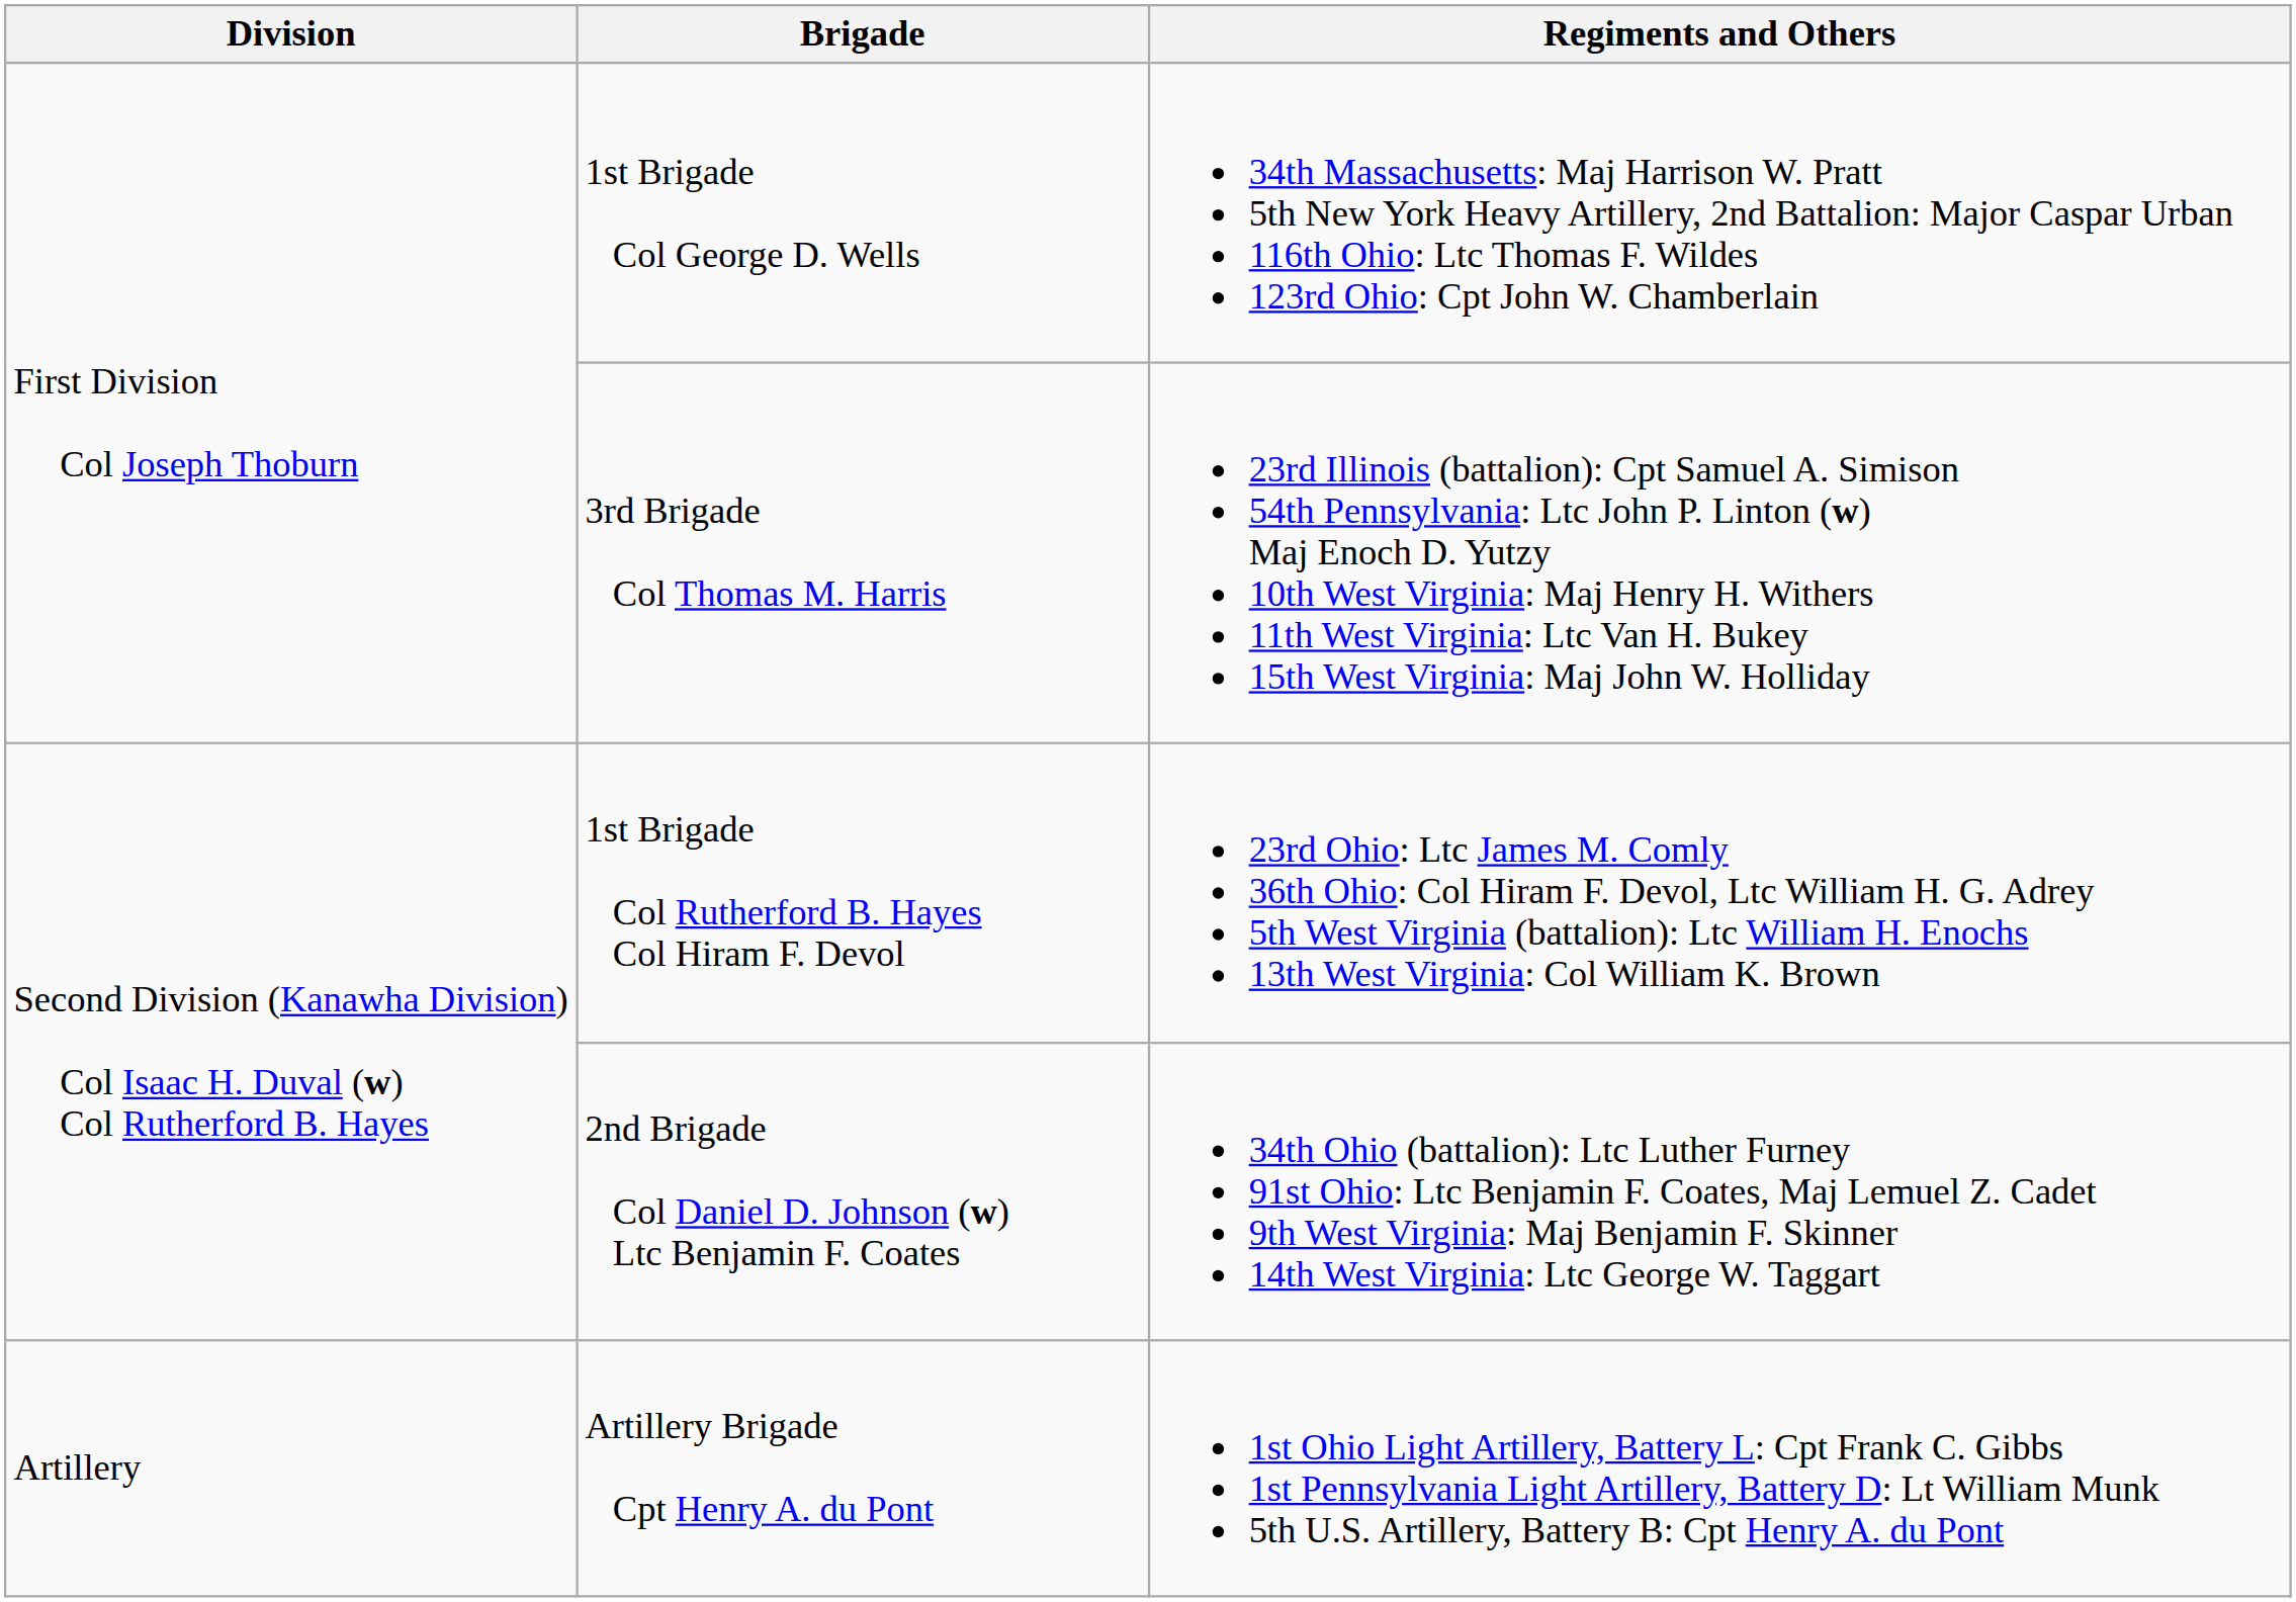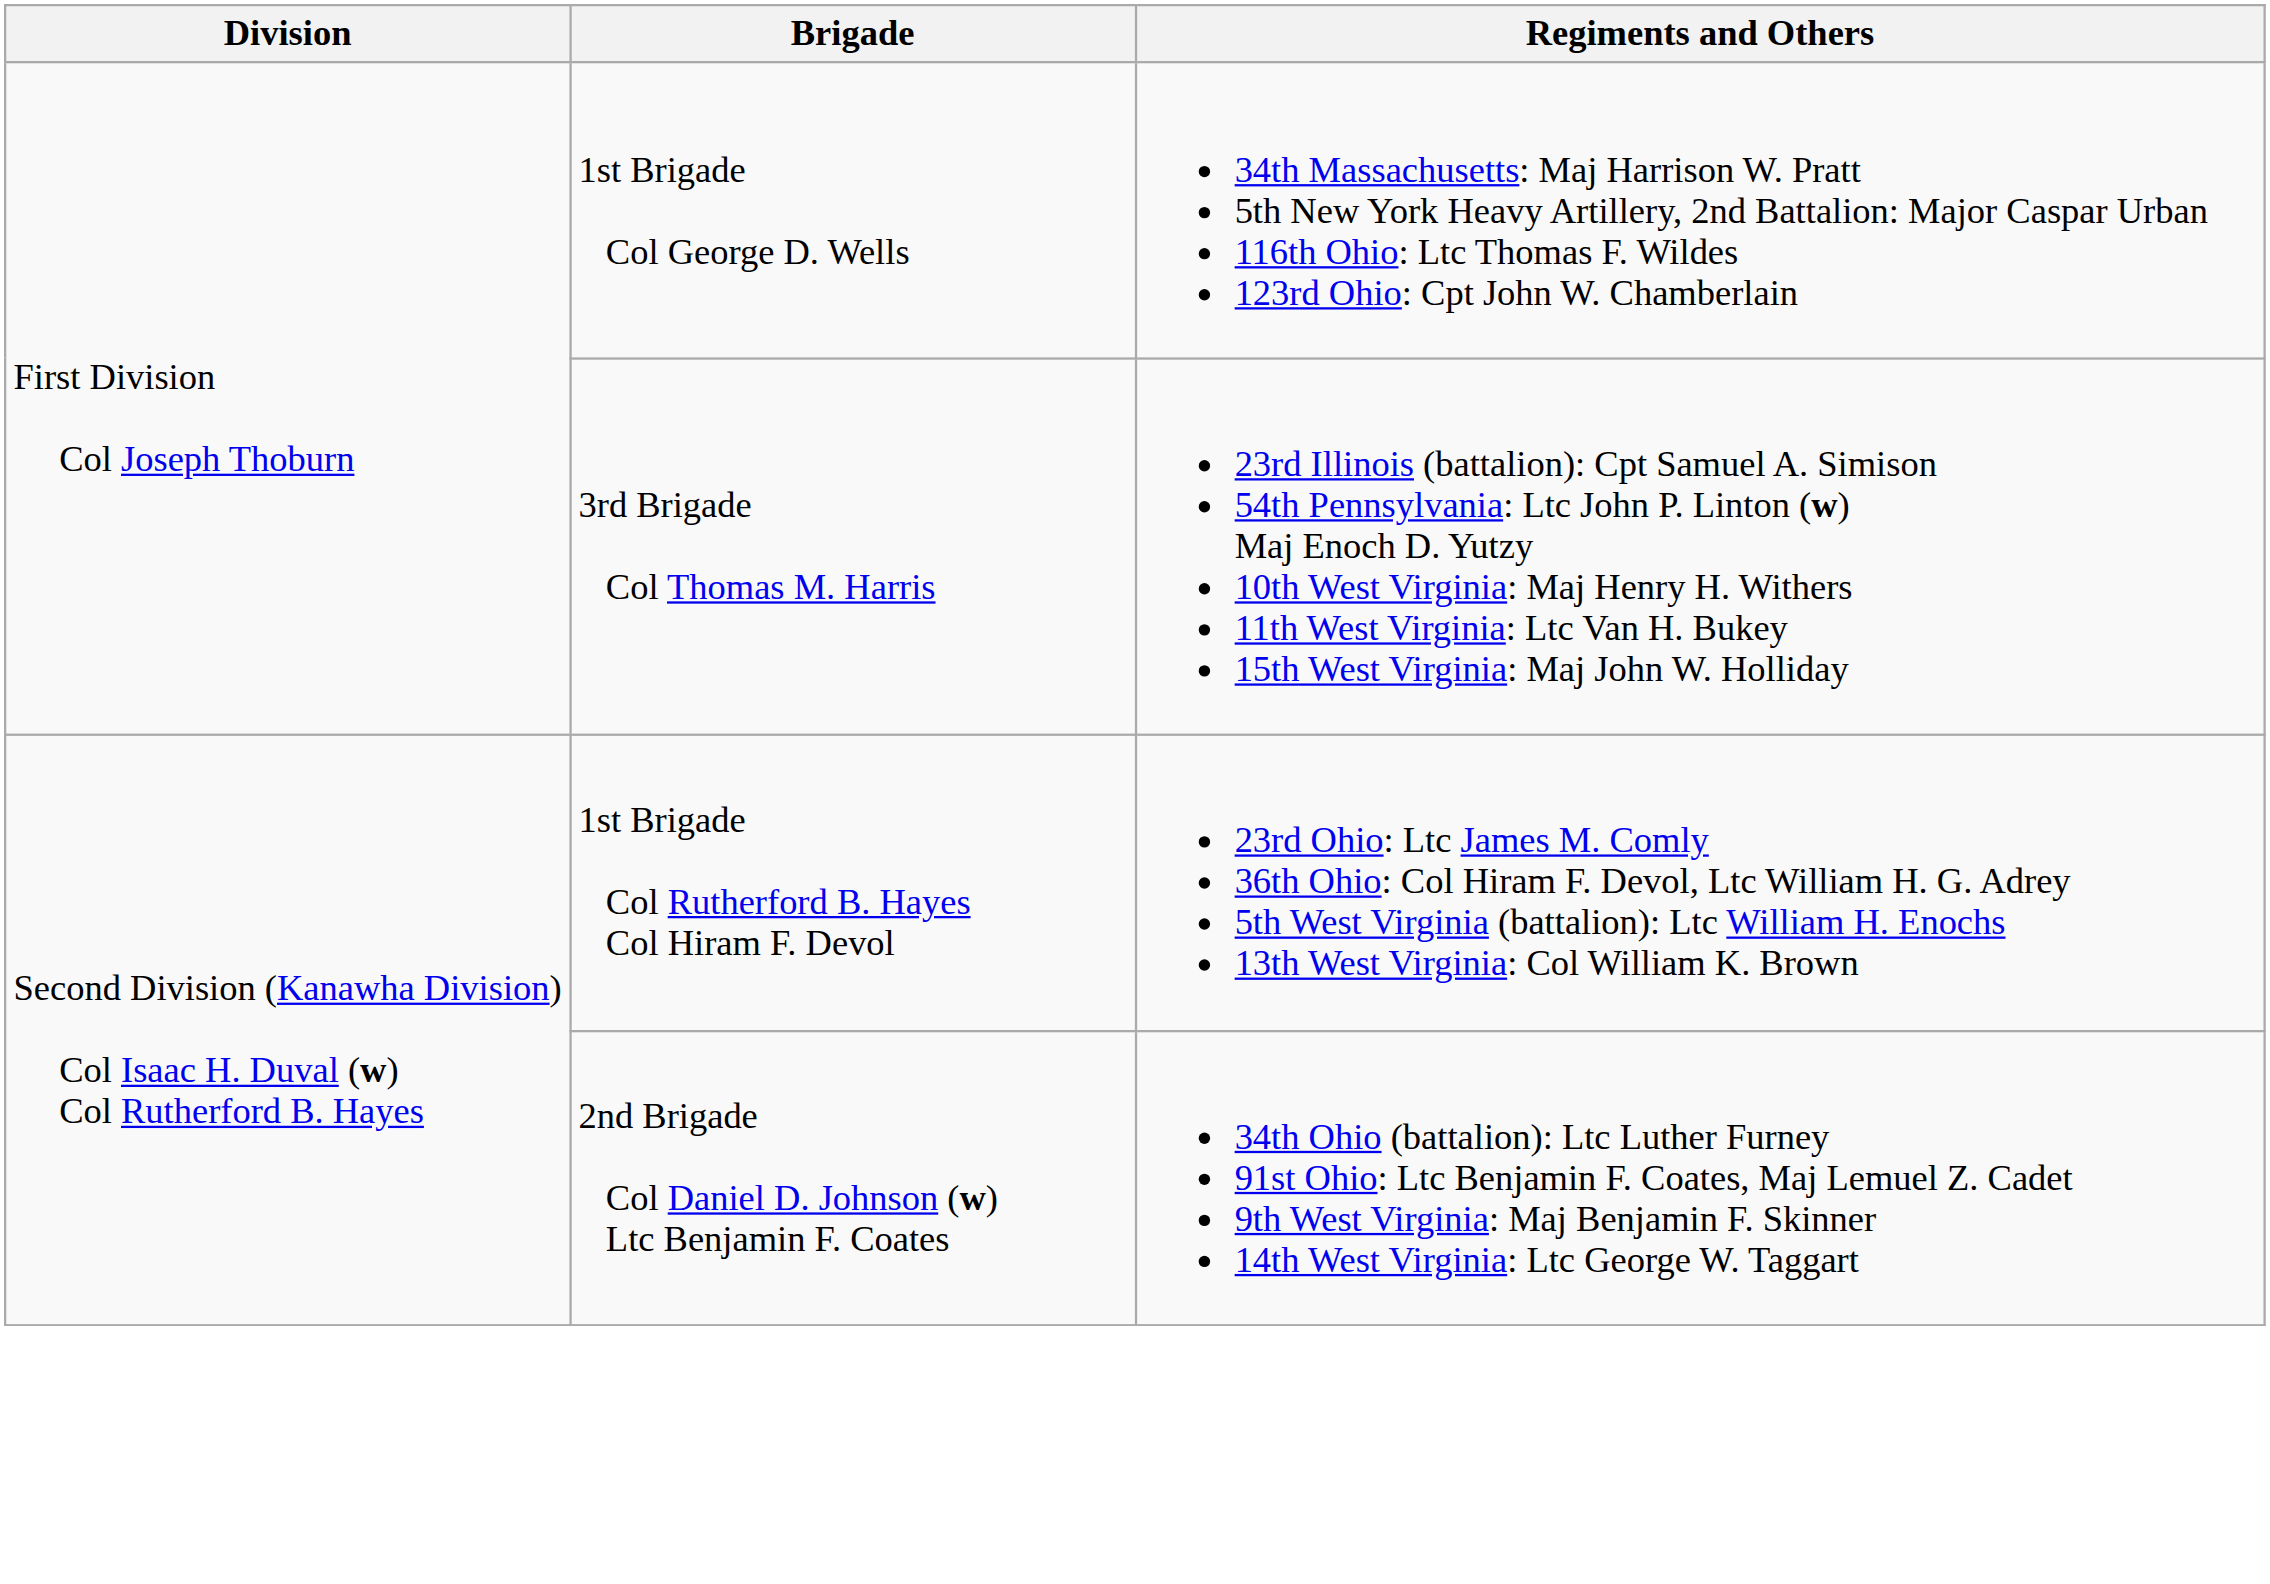 <table class="wikitable">
 <tr>
 <th width=25%>Division</th>
 <th width=25%>Brigade</th>
 <th>Regiments and Others</th>
 </tr>
 <tr>
 <td rowspan=2><br>First Division<br><br>     Col <a href='#'>Joseph Thoburn</a></td>
 <td>1st Brigade<br><br>   Col George D. Wells</td>
 <td><br><ul><li><a href='#'>34th Massachusetts</a>: Maj Harrison W. Pratt</li><li>5th New York Heavy Artillery, 2nd Battalion: Major Caspar Urban</li><li><a href='#'>116th Ohio</a>: Ltc Thomas F. Wildes</li><li><a href='#'>123rd Ohio</a>: Cpt John W. Chamberlain</li></ul></td>
 </tr>
 <tr>
 <td>3rd Brigade<br><br>   Col <a href='#'>Thomas M. Harris</a></td>
 <td><br><ul><li><a href='#'>23rd Illinois</a> (battalion): Cpt Samuel A. Simison</li><li><a href='#'>54th Pennsylvania</a>: Ltc John P. Linton (<strong>w</strong>)<br> Maj Enoch D. Yutzy</li><li><a href='#'>10th West Virginia</a>: Maj Henry H. Withers</li><li><a href='#'>11th West Virginia</a>: Ltc Van H. Bukey</li><li><a href='#'>15th West Virginia</a>: Maj John W. Holliday</li></ul></td>
 </tr>
 <tr>
 <td rowspan=2><br>Second Division (<a href='#'>Kanawha Division</a>)<br><br>     Col <a href='#'>Isaac H. Duval</a> (<strong>w</strong>) <br>     Col <a href='#'>Rutherford B. Hayes</a></td>
 <td>1st Brigade<br><br>   Col <a href='#'>Rutherford B. Hayes</a> <br>   Col Hiram F. Devol</td>
 <td><br><ul><li><a href='#'>23rd Ohio</a>: Ltc <a href='#'>James M. Comly</a></li><li><a href='#'>36th Ohio</a>: Col Hiram F. Devol, Ltc William H. G. Adrey</li><li><a href='#'>5th West Virginia</a> (battalion): Ltc <a href='#'>William H. Enochs</a></li><li><a href='#'>13th West Virginia</a>: Col William K. Brown</li></ul></td>
 </tr>
 <tr>
 <td>2nd Brigade<br><br>   Col <a href='#'>Daniel D. Johnson</a> (<strong>w</strong>) <br>   Ltc Benjamin F. Coates</td>
 <td><br><ul><li><a href='#'>34th Ohio</a> (battalion): Ltc Luther Furney</li><li><a href='#'>91st Ohio</a>: Ltc Benjamin F. Coates, Maj Lemuel Z. Cadet</li><li><a href='#'>9th West Virginia</a>: Maj Benjamin F. Skinner</li><li><a href='#'>14th West Virginia</a>: Ltc George W. Taggart</li></ul></td>
 </tr>
-<tr>
-<td>Artillery</td>
-<td>Artillery Brigade<br><br>   Cpt <a href='#'>Henry A. du Pont</a></td>
-<td><br><ul><li><a href='#'>1st Ohio Light Artillery, Battery L</a>: Cpt Frank C. Gibbs</li><li><a href='#'>1st Pennsylvania Light Artillery, Battery D</a>: Lt William Munk</li><li>5th U.S. Artillery, Battery B: Cpt <a href='#'>Henry A. du Pont</a></li></ul></td>
-</tr>
 </table>
